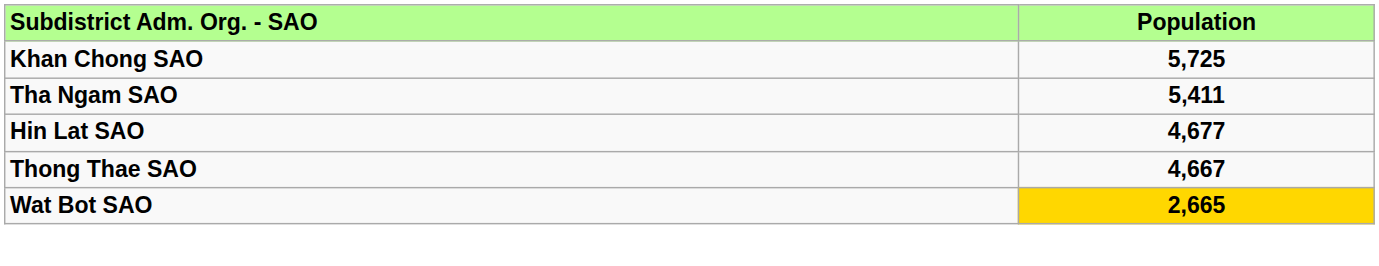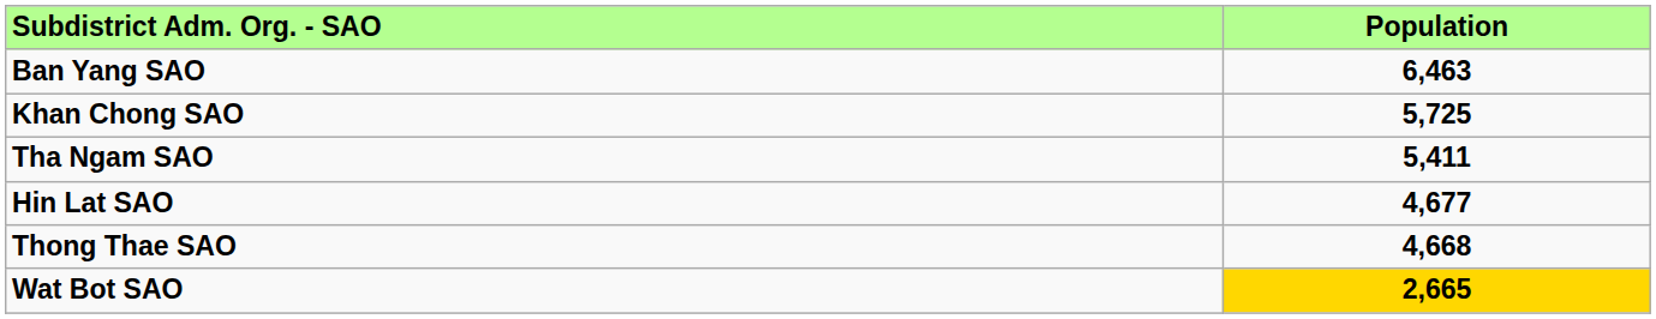 <table class="wikitable" style="width:48%; display:inline-table;">
 <tr>
 <th scope="col" style= "width:74%; background: #b4ff90; text-align:left;"><strong>Subdistrict Adm. Org. - SAO</strong></th>
 <th scope="col" style= "width:26%; background: #b4ff90; text-align:center;"><strong>Population</strong></th>
+</tr>
+<tr>
+<td><strong>Ban Yang SAO</strong></td>
+<td style="text-align:center;"><strong>6,463</strong></td>
 </tr>
 <tr>
 <td><strong>Khan Chong SAO</strong></td>
 <td style="text-align:center;"><strong>5,725</strong></td>
 </tr>
 <tr>
 <td><strong>Tha Ngam SAO</strong></td>
 <td style="text-align:center;"><strong>5,411</strong></td>
 </tr>
 <tr>
 <td><strong>Hin Lat SAO</strong></td>
 <td style="text-align:center;"><strong>4,677</strong></td>
 </tr>
 <tr>
 <td><strong>Thong Thae SAO</strong></td>
-<td style="text-align:center;"><strong>4,667</strong></td>
+<td style="text-align:center;"><strong>4,668</strong></td>
 </tr>
 <tr>
 <td><strong>Wat Bot SAO</strong></td>
 <td style="background: gold; text-align:center;"><strong>2,665</strong></td>
 </tr>
 </table>
